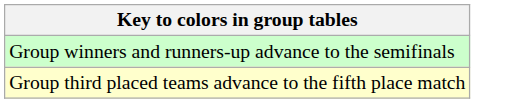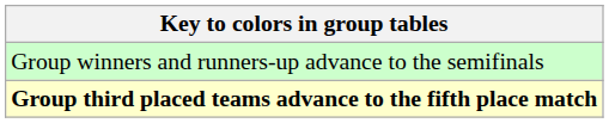 <table class="wikitable" style="text-align: center;">
 <tr>
 <th colspan=2>Key to colors in group tables</th>
 </tr>
 <tr style="background:#cfc; width:20px;">
 <td align=left>Group winners and runners-up advance to the semifinals</td>
 </tr>
 <tr style="background:#ffc; width:20px;">
-<td align=left>Group third placed teams advance to the fifth place match</td>
+<td align=left><strong>Group third placed teams advance to the fifth place match</strong></td>
 </tr>
 </table>
